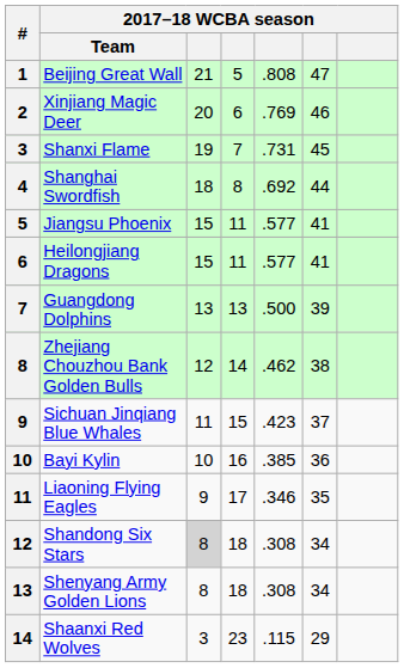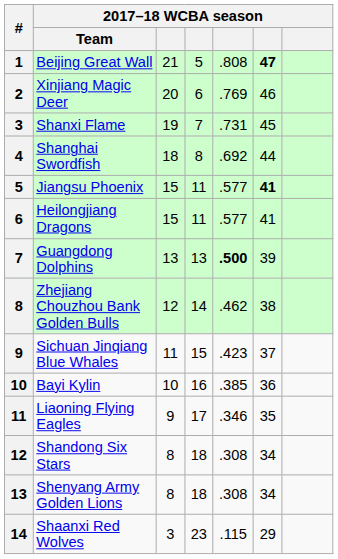 <table class="wikitable"  style="width:55%; font-size:95%;">
 <tr>
 <th style="width:3%;" rowspan="2">#</th>
 <th colspan="6" style="text-align:center;">2017–18 WCBA season</th>
 </tr>
 <tr style="text-align:center;">
 <th style="width:20%;">Team</th>
 <th style="width:3%;"></th>
 <th style="width:3%;"></th>
 <th style="width:3%;"></th>
 <th style="width:3%;"></th>
 <th style="width:10%;"></th>
 </tr>
 <tr style="text-align:center; background:#cfc;">
 <th>1</th>
 <td style="text-align:left;"><a href='#'>Beijing Great Wall</a></td>
 <td>21</td>
 <td>5</td>
 <td>.808</td>
-<td>47</td>
+<td><strong>47</strong></td>
 <td></td>
 </tr>
 <tr style="text-align:center; background:#cfc;">
 <th>2</th>
 <td style="text-align:left;"><a href='#'>Xinjiang Magic Deer</a></td>
 <td>20</td>
 <td>6</td>
 <td>.769</td>
 <td>46</td>
 <td></td>
 </tr>
 <tr style="text-align:center; background:#cfc;">
 <th>3</th>
 <td style="text-align:left;"><a href='#'>Shanxi Flame</a></td>
 <td>19</td>
 <td>7</td>
 <td>.731</td>
 <td>45</td>
 <td></td>
 </tr>
 <tr style="text-align:center; background:#cfc;">
 <th>4</th>
 <td style="text-align:left;"><a href='#'>Shanghai Swordfish</a></td>
 <td>18</td>
 <td>8</td>
 <td>.692</td>
 <td>44</td>
 <td></td>
 </tr>
 <tr style="text-align:center; background:#cfc;">
 <th>5</th>
 <td style="text-align:left;"><a href='#'>Jiangsu Phoenix</a></td>
 <td>15</td>
 <td>11</td>
 <td>.577</td>
-<td>41</td>
+<td><strong>41</strong></td>
 <td></td>
 </tr>
 <tr style="text-align:center; background:#cfc;">
 <th>6</th>
 <td style="text-align:left;"><a href='#'>Heilongjiang Dragons</a></td>
 <td>15</td>
 <td>11</td>
 <td>.577</td>
 <td>41</td>
 <td></td>
 </tr>
 <tr style="text-align:center; background:#cfc;">
 <th>7</th>
 <td style="text-align:left;"><a href='#'>Guangdong Dolphins</a></td>
 <td>13</td>
 <td>13</td>
-<td>.500</td>
+<td><strong>.500</strong></td>
 <td>39</td>
 <td></td>
 </tr>
 <tr style="text-align:center; background:#cfc;">
 <th>8</th>
 <td style="text-align:left;"><a href='#'>Zhejiang Chouzhou Bank Golden Bulls</a></td>
 <td>12</td>
 <td>14</td>
 <td>.462</td>
 <td>38</td>
 <td></td>
 </tr>
 <tr style="text-align:center;">
 <th>9</th>
 <td style="text-align:left;"><a href='#'>Sichuan Jinqiang Blue Whales</a></td>
 <td>11</td>
 <td>15</td>
 <td>.423</td>
 <td>37</td>
 <td></td>
 </tr>
 <tr style="text-align:center;">
 <th>10</th>
 <td style="text-align:left;"><a href='#'>Bayi Kylin</a></td>
 <td>10</td>
 <td>16</td>
 <td>.385</td>
 <td>36</td>
 <td></td>
 </tr>
 <tr style="text-align:center;">
 <th>11</th>
 <td style="text-align:left;"><a href='#'>Liaoning Flying Eagles</a></td>
 <td>9</td>
 <td>17</td>
 <td>.346</td>
 <td>35</td>
 <td></td>
 </tr>
 <tr style="text-align:center;">
 <th>12</th>
 <td style="text-align:left;"><a href='#'>Shandong Six Stars</a></td>
-<td style="background: lightgrey;">8</td>
+<td>8</td>
 <td>18</td>
 <td>.308</td>
 <td>34</td>
 <td></td>
 </tr>
 <tr style="text-align:center;">
 <th>13</th>
 <td style="text-align:left;"><a href='#'>Shenyang Army Golden Lions</a></td>
 <td>8</td>
 <td>18</td>
 <td>.308</td>
 <td>34</td>
 <td></td>
 </tr>
 <tr style="text-align:center;">
 <th>14</th>
 <td style="text-align:left;"><a href='#'>Shaanxi Red Wolves</a></td>
 <td>3</td>
 <td>23</td>
 <td>.115</td>
 <td>29</td>
 <td></td>
 </tr>
 </table>
